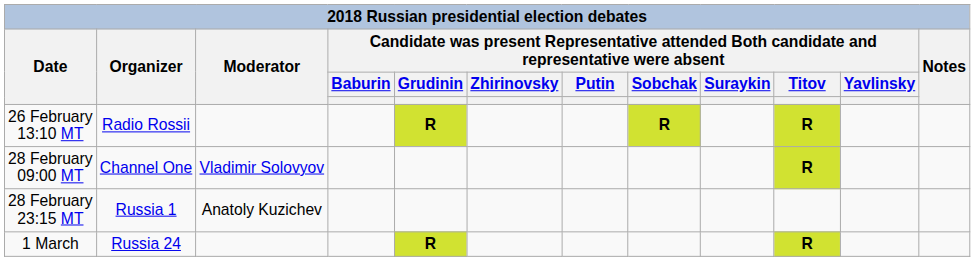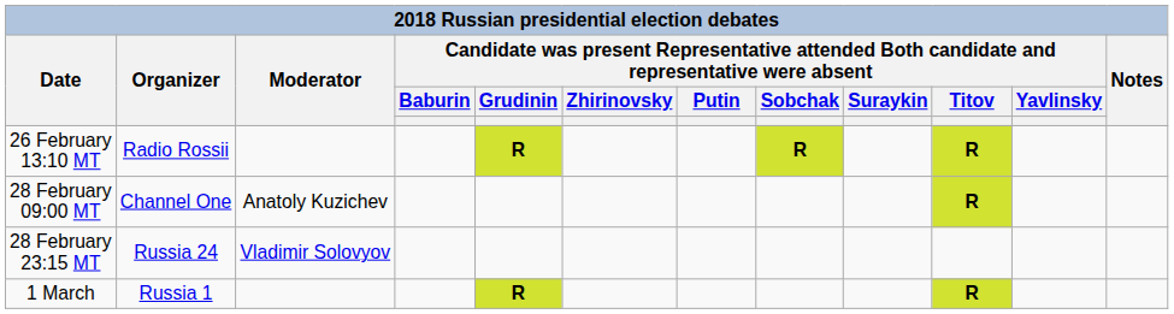 <table class="wikitable collapsible" style="font-size:100%;text-align:center;">
 <tr>
 <th style="background:#B0C4DE;" colspan="12">2018 Russian presidential election debates</th>
 </tr>
 <tr>
 <th style="white-space:nowrap;" rowspan="3">Date</th>
 <th rowspan="3">Organizer</th>
 <th rowspan="3">Moderator</th>
 <th scope="col" colspan="8"> Candidate was present  Representative attended  Both candidate and representative were absent</th>
 <th rowspan="3">Notes</th>
 </tr>
 <tr>
 <th scope="col" style="width:60px;"><a href='#'>Baburin</a></th>
 <th scope="col" style="width:60px;"><a href='#'>Grudinin</a></th>
 <th scope="col" style="width:60px;"><a href='#'>Zhirinovsky</a></th>
 <th scope="col" style="width:60px;"><a href='#'>Putin</a></th>
 <th scope="col" style="width:60px;"><a href='#'>Sobchak</a></th>
 <th scope="col" style="width:60px;"><a href='#'>Suraykin</a></th>
 <th scope="col" style="width:60px;"><a href='#'>Titov</a></th>
 <th scope="col" style="width:60px;"><a href='#'>Yavlinsky</a></th>
 </tr>
 <tr>
 <th style="background:"></th>
 <th style="background:"></th>
 <th style="background:"></th>
 <th style="background:"></th>
 <th style="background:"></th>
 <th style="background:"></th>
 <th style="background:"></th>
 <th style="background:"></th>
 </tr>
 <tr>
 <td>26 February<br>13:10 <a href='#'>MT</a></td>
 <td><a href='#'>Radio Rossii</a></td>
 <td></td>
 <td></td>
 <th style="background:#D1E231;">R</th>
 <td></td>
 <td></td>
 <th style="background:#D1E231;">R</th>
 <td></td>
 <th style="background:#D1E231;">R</th>
 <td></td>
 <td></td>
 </tr>
 <tr>
 <td>28 February<br>09:00 <a href='#'>MT</a></td>
 <td><a href='#'>Channel One</a></td>
-<td><a href='#'>Vladimir Solovyov</a></td>
+<td>Anatoly Kuzichev</td>
 <td></td>
 <td></td>
 <td></td>
 <td></td>
 <td></td>
 <td></td>
 <th style="background:#D1E231;">R</th>
 <td></td>
 <td></td>
 </tr>
 <tr>
 <td>28 February<br>23:15 <a href='#'>MT</a></td>
-<td><a href='#'>Russia 1</a></td>
-<td>Anatoly Kuzichev</td>
+<td><a href='#'>Russia 24</a></td>
+<td><a href='#'>Vladimir Solovyov</a></td>
 <td></td>
 <td></td>
 <td></td>
 <td></td>
 <td></td>
 <td></td>
 <td></td>
 <td></td>
 <td></td>
 </tr>
 <tr>
 <td>1 March</td>
-<td><a href='#'>Russia 24</a></td>
+<td><a href='#'>Russia 1</a></td>
 <td></td>
 <td></td>
 <th style="background:#D1E231;">R</th>
 <td></td>
 <td></td>
 <td></td>
 <td></td>
 <th style="background:#D1E231;">R</th>
 <td></td>
 <td></td>
 </tr>
 </table>
